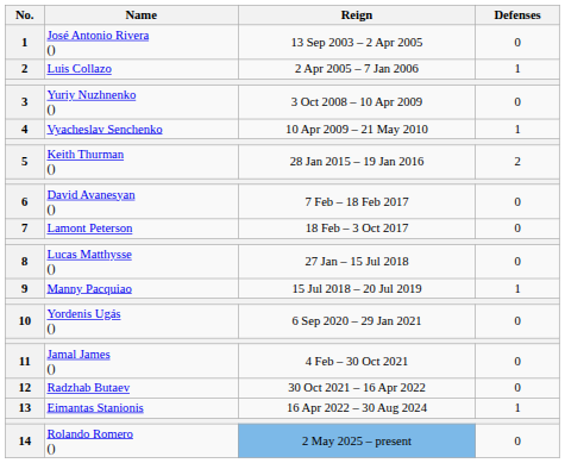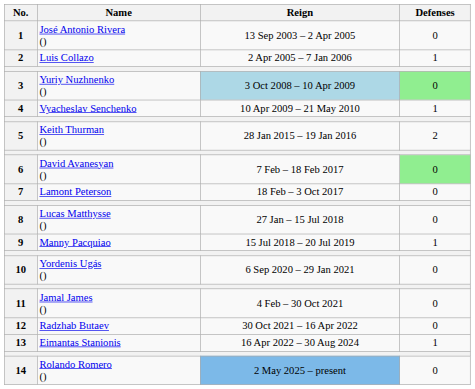 <table class="wikitable sortable" style="width:80%">
 <tr>
 <th>No.</th>
 <th>Name</th>
 <th>Reign</th>
 <th>Defenses</th>
 </tr>
 <tr align=center>
 <th>1</th>
 <td align=left><a href='#'>José Antonio Rivera</a><br>()</td>
 <td>13 Sep 2003 – 2 Apr 2005</td>
 <td>0</td>
 </tr>
 <tr align=center>
 <th>2</th>
 <td align=left><a href='#'>Luis Collazo</a></td>
 <td>2 Apr 2005 – 7 Jan 2006</td>
 <td>1</td>
 </tr>
 <tr align=center>
 <th colspan=4></th>
 </tr>
 <tr align=center>
 <th>3</th>
 <td align=left><a href='#'>Yuriy Nuzhnenko</a><br>()</td>
-<td>3 Oct 2008 – 10 Apr 2009</td>
-<td>0</td>
+<td style="background: lightblue;">3 Oct 2008 – 10 Apr 2009</td>
+<td style="background: lightgreen;">0</td>
 </tr>
 <tr align=center>
 <th>4</th>
 <td align=left><a href='#'>Vyacheslav Senchenko</a></td>
 <td>10 Apr 2009 – 21 May 2010</td>
 <td>1</td>
 </tr>
 <tr align=center>
 <th colspan=4></th>
 </tr>
 <tr align=center>
 <th>5</th>
 <td align=left><a href='#'>Keith Thurman</a><br>()</td>
 <td>28 Jan 2015 – 19 Jan 2016</td>
 <td>2</td>
 </tr>
 <tr align=center>
 <th colspan="4"></th>
 </tr>
 <tr align=center>
 <th>6</th>
 <td align=left><a href='#'>David Avanesyan</a><br>()</td>
 <td>7 Feb – 18 Feb 2017</td>
-<td>0</td>
+<td style="background: lightgreen;">0</td>
 </tr>
 <tr align=center>
 <th>7</th>
 <td align=left><a href='#'>Lamont Peterson</a></td>
 <td>18 Feb – 3 Oct 2017</td>
 <td>0</td>
 </tr>
 <tr align=center>
 <th colspan="4"></th>
 </tr>
 <tr align=center>
 <th>8</th>
 <td align=left><a href='#'>Lucas Matthysse</a><br>()</td>
 <td>27 Jan – 15 Jul 2018</td>
 <td>0</td>
 </tr>
 <tr align=center>
 <th>9</th>
 <td align=left><a href='#'>Manny Pacquiao</a></td>
 <td>15 Jul 2018 – 20 Jul 2019</td>
 <td>1</td>
 </tr>
 <tr align=center>
 <th colspan=4></th>
 </tr>
 <tr align=center>
 <th>10</th>
 <td align=left><a href='#'>Yordenis Ugás</a><br>()</td>
 <td>6 Sep 2020 – 29 Jan 2021</td>
 <td>0</td>
 </tr>
 <tr align=center>
 <th colspan=4></th>
 </tr>
 <tr align=center>
 <th>11</th>
 <td align=left><a href='#'>Jamal James</a><br>()</td>
 <td>4 Feb – 30 Oct 2021</td>
 <td>0</td>
 </tr>
 <tr align=center>
 <th>12</th>
 <td align=left><a href='#'>Radzhab Butaev</a></td>
 <td>30 Oct 2021 – 16 Apr 2022</td>
 <td>0</td>
 </tr>
 <tr align=center>
 <th>13</th>
 <td align=left><a href='#'>Eimantas Stanionis</a></td>
 <td>16 Apr 2022 – 30 Aug 2024</td>
 <td>1</td>
 </tr>
 <tr align=center>
 <th colspan="4"></th>
 </tr>
 <tr align=center>
 <th>14</th>
 <td align=left><a href='#'>Rolando Romero</a><br>()</td>
 <td style="background:#7CB9E8;">2 May 2025 – present</td>
 <td>0</td>
 </tr>
 </table>
